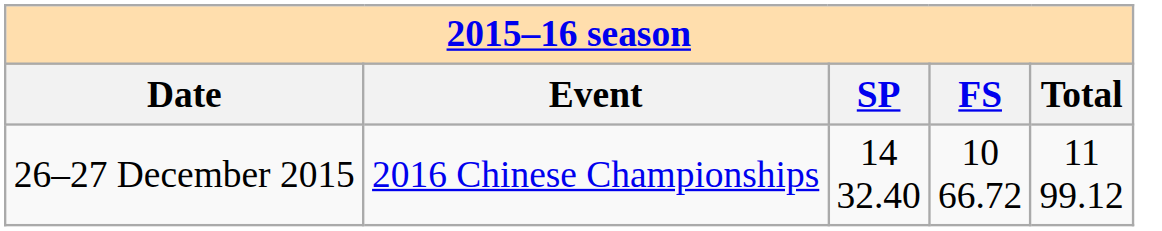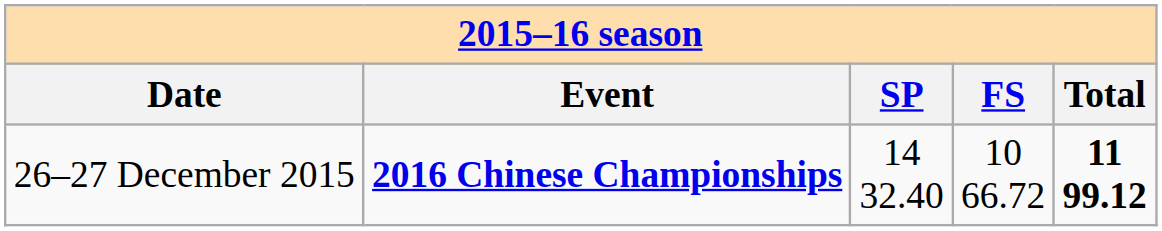 <table class="wikitable">
 <tr>
 <th style="background-color: #ffdead;" colspan=6><a href='#'>2015–16 season</a></th>
 </tr>
 <tr>
 <th>Date</th>
 <th>Event</th>
 <th><a href='#'>SP</a></th>
 <th><a href='#'>FS</a></th>
 <th>Total</th>
 </tr>
 <tr>
 <td>26–27 December 2015</td>
-<td><a href='#'>2016 Chinese Championships</a></td>
+<td><strong><a href='#'>2016 Chinese Championships</a></strong></td>
 <td align=center>14 <br> 32.40</td>
 <td align=center>10 <br> 66.72</td>
-<td align=center>11 <br> 99.12</td>
+<td align=center><strong>11 <br> 99.12</strong></td>
 </tr>
 </table>
